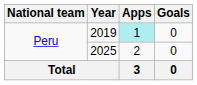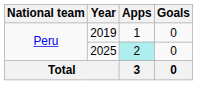 <table class="wikitable" style="text-align:center">
 <tr>
 <th>National team</th>
 <th>Year</th>
 <th>Apps</th>
 <th>Goals</th>
 </tr>
 <tr>
 <td rowspan="2"><a href='#'>Peru</a></td>
 <td>2019</td>
-<td style="background: paleturquoise;">1</td>
+<td>1</td>
 <td>0</td>
 </tr>
 <tr>
 <td>2025</td>
-<td>2</td>
+<td style="background: paleturquoise;">2</td>
 <td>0</td>
 </tr>
 <tr>
 <th colspan="2">Total</th>
 <th>3</th>
 <th>0</th>
 </tr>
 </table>
